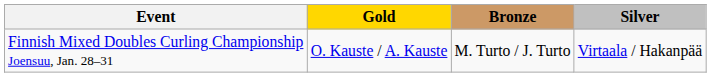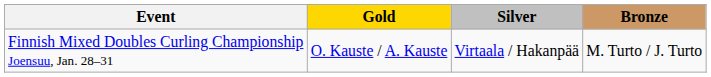 <table class="wikitable">
 <tr>
 <th>Event</th>
 <th style="background:gold">Gold</th>
+<th style="background:silver">Silver</th>
 <th style="background:#cc9966">Bronze</th>
-<th style="background:silver">Silver</th>
 </tr>
 <tr>
 <td><a href='#'>Finnish Mixed Doubles Curling Championship</a><br> <small><a href='#'>Joensuu</a>, Jan. 28–31</small></td>
 <td> <a href='#'>O. Kauste</a> / <a href='#'>A. Kauste</a></td>
+<td> <a href='#'>Virtaala</a> / Hakanpää</td>
 <td> M. Turto / J. Turto</td>
-<td> <a href='#'>Virtaala</a> / Hakanpää</td>
 </tr>
 </table>
